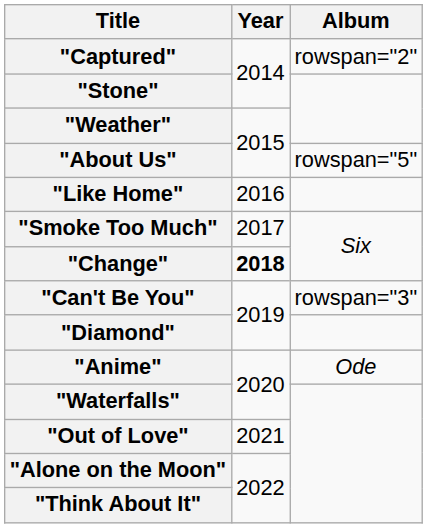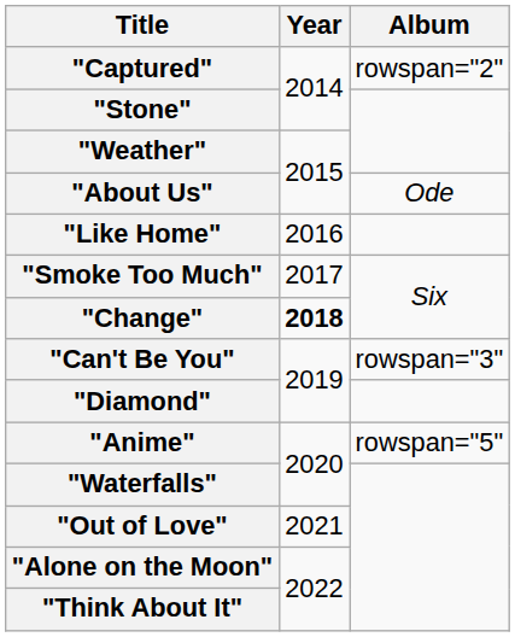 <table class="wikitable plainrowheaders" style="text-align:center;">
 <tr>
 <th>Title</th>
 <th>Year</th>
 <th>Album</th>
 </tr>
 <tr>
 <th scope="row">"Captured"</th>
 <td rowspan="2">2014</td>
 <td>rowspan="2" </td>
 </tr>
 <tr>
 <th scope="row">"Stone"</th>
 </tr>
 <tr>
 <th scope="row">"Weather"</th>
 <td rowspan="2">2015</td>
 </tr>
 <tr>
 <th scope="row">"About Us"</th>
-<td>rowspan="5" </td>
+<td><em>Ode</em></td>
 </tr>
 <tr>
 <th scope="row">"Like Home"</th>
 <td>2016</td>
 <td></td>
 </tr>
 <tr>
 <th scope="row">"Smoke Too Much"</th>
 <td>2017</td>
 <td rowspan="2"><em>Six</em></td>
 </tr>
 <tr>
 <th scope="row">"Change"</th>
 <td><strong>2018</strong></td>
 </tr>
 <tr>
 <th scope="row">"Can't Be You"</th>
 <td rowspan="2">2019</td>
 <td>rowspan="3" </td>
 </tr>
 <tr>
 <th scope="row">"Diamond"</th>
 </tr>
 <tr>
 <th scope="row">"Anime"</th>
 <td rowspan="2">2020</td>
-<td><em>Ode</em></td>
+<td>rowspan="5" </td>
 </tr>
 <tr>
 <th scope="row">"Waterfalls"</th>
 </tr>
 <tr>
 <th scope="row">"Out of Love"</th>
 <td>2021</td>
 </tr>
 <tr>
 <th scope="row">"Alone on the Moon"</th>
 <td rowspan="2">2022</td>
 </tr>
 <tr>
 <th scope="row">"Think About It"</th>
 </tr>
 </table>
